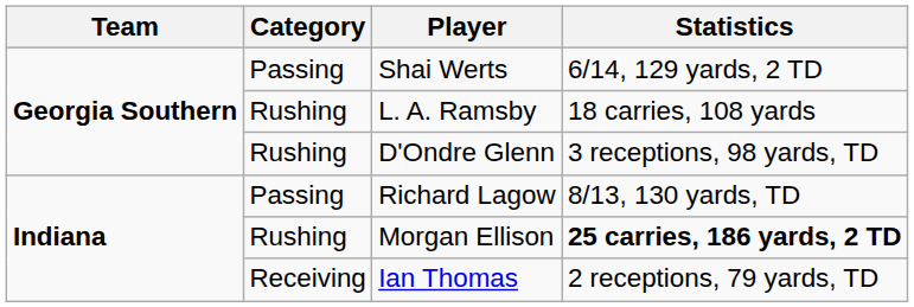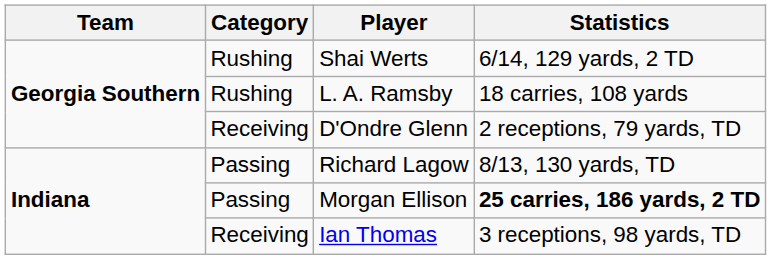 <table class="wikitable" style="float: right;">
 <tr>
 <th>Team</th>
 <th>Category</th>
 <th>Player</th>
 <th>Statistics</th>
 </tr>
 <tr>
 <td rowspan=3><strong>Georgia Southern</strong></td>
-<td>Passing</td>
+<td>Rushing</td>
 <td>Shai Werts</td>
 <td>6/14, 129 yards, 2 TD</td>
 </tr>
 <tr>
 <td>Rushing</td>
 <td>L. A. Ramsby</td>
 <td>18 carries, 108 yards</td>
 </tr>
 <tr>
-<td>Rushing</td>
+<td>Receiving</td>
 <td>D'Ondre Glenn</td>
-<td>3 receptions, 98 yards, TD</td>
+<td>2 receptions, 79 yards, TD</td>
 </tr>
 <tr>
 <td rowspan=3><strong>Indiana</strong></td>
 <td>Passing</td>
 <td>Richard Lagow</td>
 <td>8/13, 130 yards, TD</td>
 </tr>
 <tr>
-<td>Rushing</td>
+<td>Passing</td>
 <td>Morgan Ellison</td>
 <td><strong>25 carries, 186 yards, 2 TD</strong></td>
 </tr>
 <tr>
 <td>Receiving</td>
 <td><a href='#'>Ian Thomas</a></td>
-<td>2 receptions, 79 yards, TD</td>
+<td>3 receptions, 98 yards, TD</td>
 </tr>
 </table>
